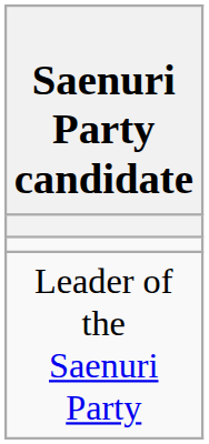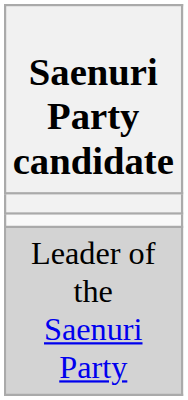 <table class="wikitable" style="font-size:90%; text-align:center;">
 <tr>
 <td style="background:#f1f1f1;" colspan="30"><br><big><strong>Saenuri Party candidate</strong></big></td>
 </tr>
 <tr>
 <th style="width:3em; font-size:135%; background:"><a href='#'></a></th>
 </tr>
 <tr>
 <td></td>
 </tr>
 <tr>
-<td>Leader of the<br><a href='#'>Saenuri Party</a><br></td>
+<td style="background: lightgrey;">Leader of the<br><a href='#'>Saenuri Party</a><br></td>
 </tr>
 </table>
